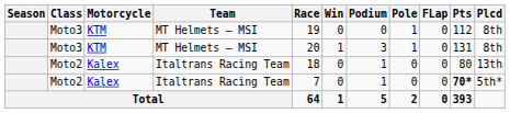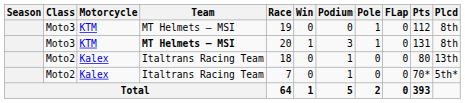 <table class="wikitable" style="text-align:right;">
 <tr>
 <th>Season</th>
 <th>Class</th>
 <th>Motorcycle</th>
 <th>Team</th>
 <th>Race</th>
 <th>Win</th>
 <th>Podium</th>
 <th>Pole</th>
 <th>FLap</th>
 <th>Pts</th>
 <th>Plcd</th>
 </tr>
 <tr>
 <th></th>
 <td>Moto3</td>
 <td style="text-align:left;"><a href='#'>KTM</a></td>
 <td style="text-align:left;">MT Helmets – MSI</td>
 <td>19</td>
 <td>0</td>
 <td>0</td>
 <td>1</td>
 <td>0</td>
 <td>112</td>
 <td>8th</td>
 </tr>
 <tr>
 <th></th>
 <td>Moto3</td>
 <td style="text-align:left;"><a href='#'>KTM</a></td>
-<td style="text-align:left;">MT Helmets – MSI</td>
+<td style="text-align:left;"><strong>MT Helmets – MSI</strong></td>
 <td>20</td>
 <td>1</td>
 <td>3</td>
 <td>1</td>
 <td>0</td>
 <td>131</td>
 <td>8th</td>
 </tr>
 <tr>
 <th></th>
 <td>Moto2</td>
 <td style="text-align:left;"><a href='#'>Kalex</a></td>
 <td style="text-align:left;">Italtrans Racing Team</td>
 <td>18</td>
 <td>0</td>
 <td>1</td>
 <td>0</td>
 <td>0</td>
 <td>80</td>
 <td>13th</td>
 </tr>
 <tr>
 <th></th>
 <td>Moto2</td>
 <td style="text-align:left;"><a href='#'>Kalex</a></td>
 <td style="text-align:left;">Italtrans Racing Team</td>
 <td>7</td>
 <td>0</td>
 <td>1</td>
 <td>0</td>
 <td>0</td>
-<td><strong>70*</strong></td>
+<td>70*</td>
 <td>5th*</td>
 </tr>
 <tr>
 <th colspan="4">Total</th>
 <td><strong>64</strong></td>
 <td><strong>1</strong></td>
 <td><strong>5</strong></td>
 <td><strong>2</strong></td>
 <td><strong>0</strong></td>
 <td><strong>393</strong></td>
 <td></td>
 </tr>
 </table>
